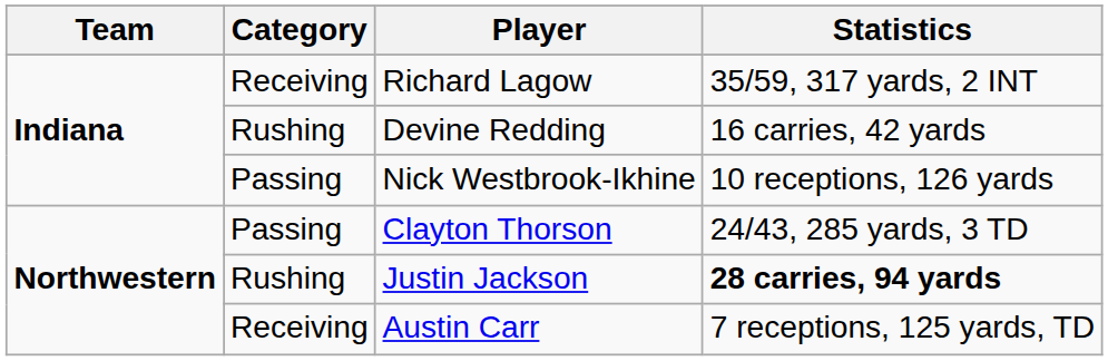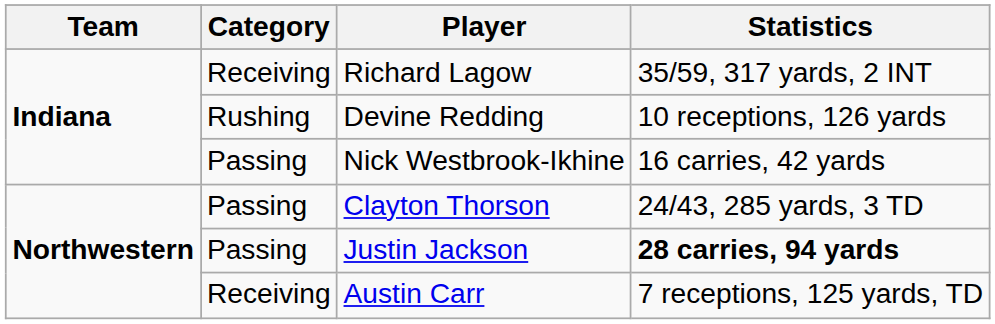 <table class="wikitable" style="float: right;">
 <tr>
 <th>Team</th>
 <th>Category</th>
 <th>Player</th>
 <th>Statistics</th>
 </tr>
 <tr>
 <td rowspan=3><strong>Indiana</strong></td>
 <td>Receiving</td>
 <td>Richard Lagow</td>
 <td>35/59, 317 yards, 2 INT</td>
 </tr>
 <tr>
 <td>Rushing</td>
 <td>Devine Redding</td>
-<td>16 carries, 42 yards</td>
+<td>10 receptions, 126 yards</td>
 </tr>
 <tr>
 <td>Passing</td>
 <td>Nick Westbrook-Ikhine</td>
-<td>10 receptions, 126 yards</td>
+<td>16 carries, 42 yards</td>
 </tr>
 <tr>
 <td rowspan=3><strong>Northwestern</strong></td>
 <td>Passing</td>
 <td><a href='#'>Clayton Thorson</a></td>
 <td>24/43, 285 yards, 3 TD</td>
 </tr>
 <tr>
-<td>Rushing</td>
+<td>Passing</td>
 <td><a href='#'>Justin Jackson</a></td>
 <td><strong>28 carries, 94 yards</strong></td>
 </tr>
 <tr>
 <td>Receiving</td>
 <td><a href='#'>Austin Carr</a></td>
 <td>7 receptions, 125 yards, TD</td>
 </tr>
 </table>
